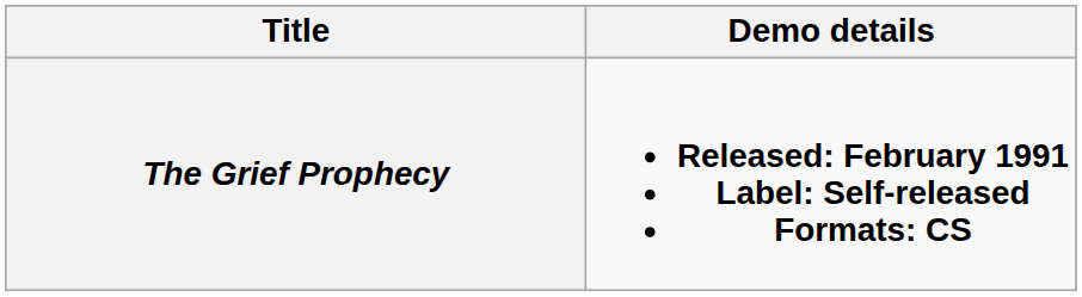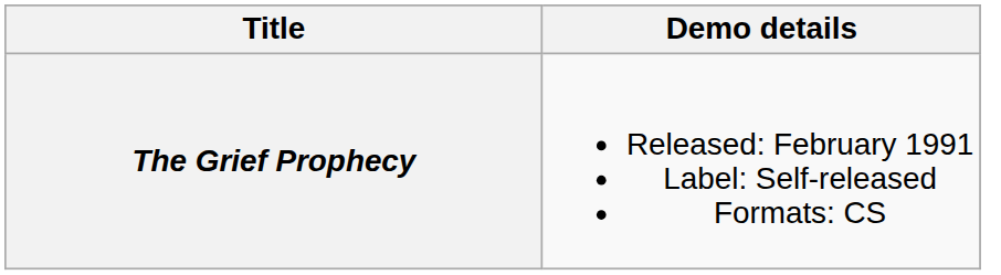 <table class="wikitable plainrowheaders" style="text-align:center;">
 <tr>
 <th scope="col" style="width:17em;">Title</th>
 <th scope="col">Demo details</th>
 </tr>
 <tr>
 <th scope="row"><em>The Grief Prophecy</em></th>
-<td><strong><br><ul><li>Released: February 1991</li><li>Label: Self-released</li><li>Formats: CS</li></ul></strong></td>
+<td><br><ul><li>Released: February 1991</li><li>Label: Self-released</li><li>Formats: CS</li></ul></td>
 </tr>
 </table>
